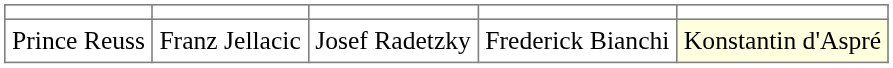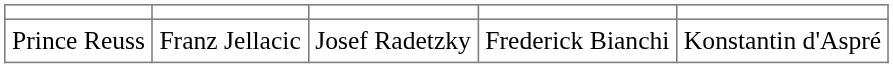 <table cellpadding=4 cellspacing=2 border=1 style="border-collapse:collapse;" class=>
 <tr>
 <td></td>
 <td></td>
 <td></td>
 <td></td>
 <td></td>
 </tr>
 <tr>
 <td>Prince Reuss</td>
 <td>Franz Jellacic</td>
 <td>Josef Radetzky</td>
 <td>Frederick Bianchi</td>
-<td style="background: lightyellow;">Konstantin d'Aspré</td>
+<td>Konstantin d'Aspré</td>
 </tr>
 </table>
